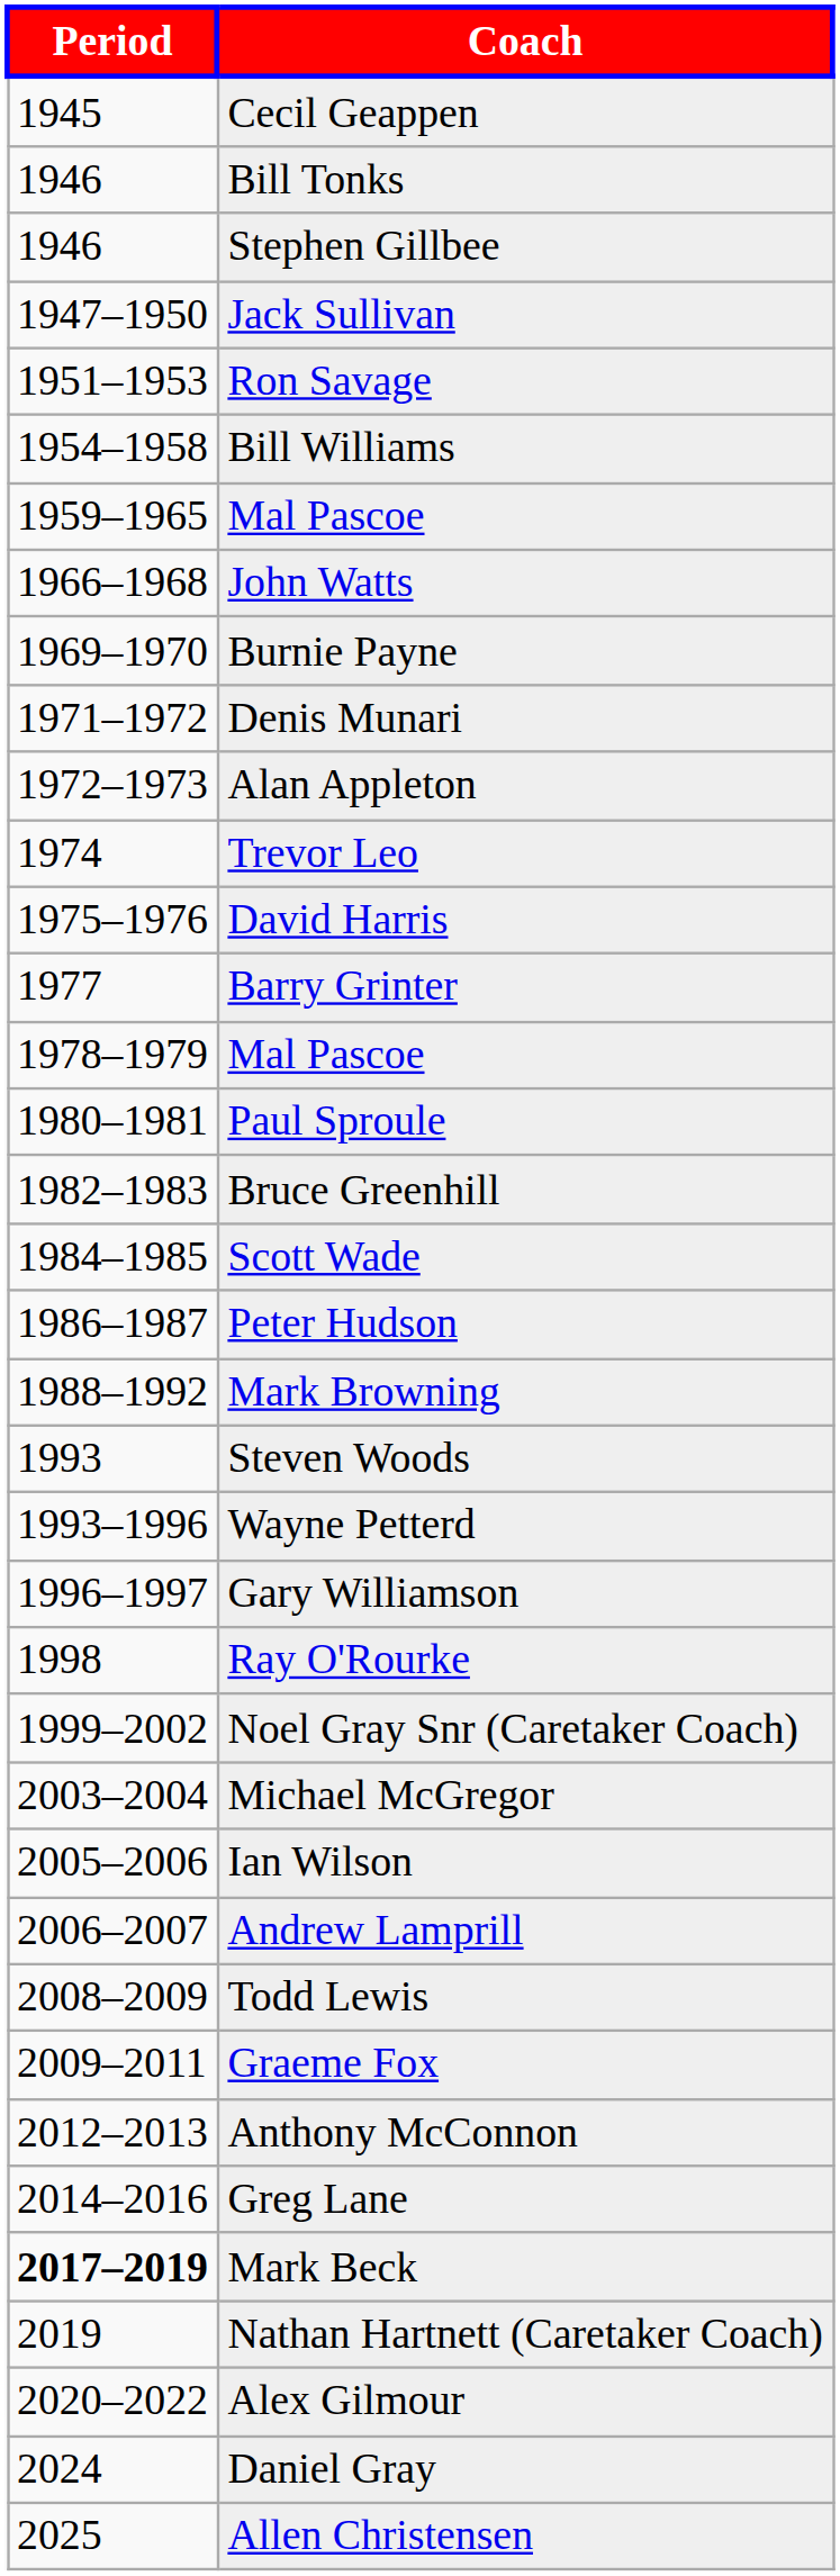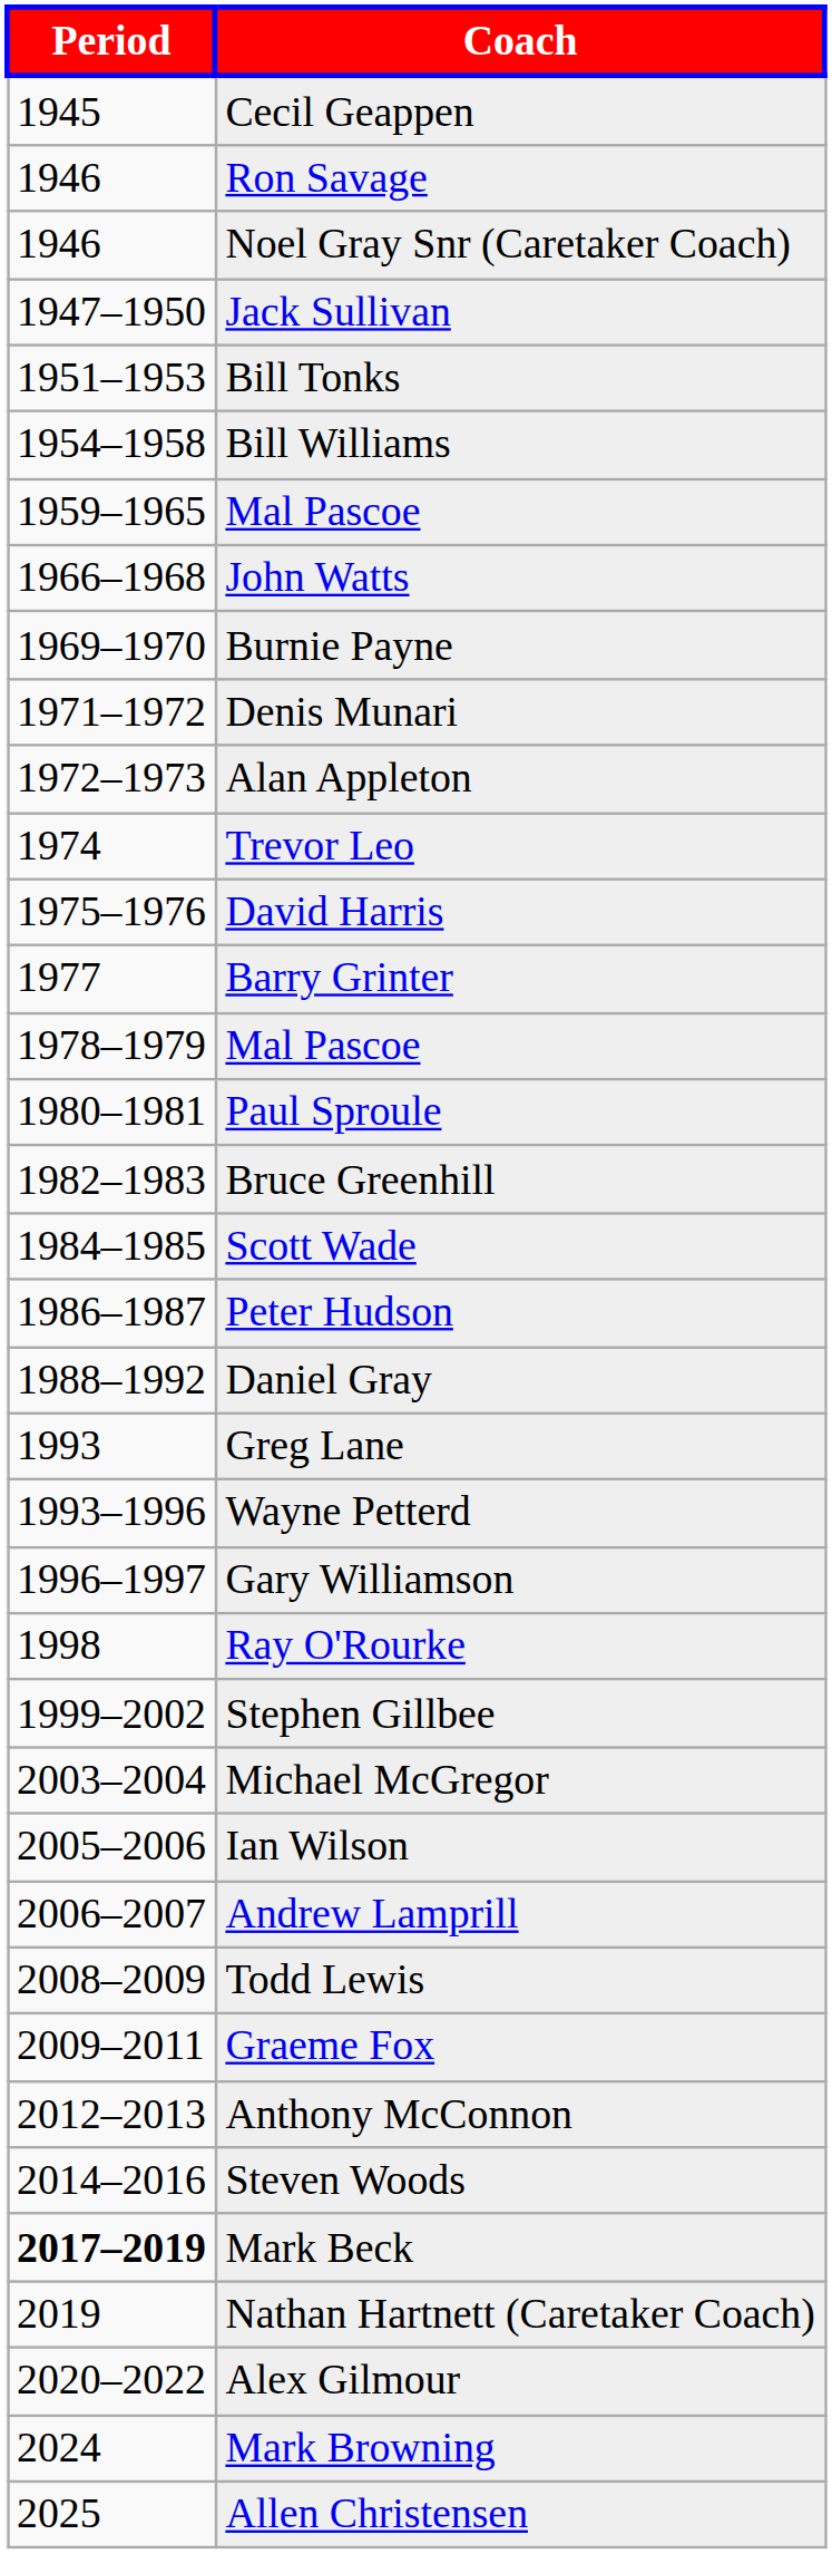 <table class="wikitable sortable">
 <tr>
 <th style="background:#FF0000; color:#FFFFFF; border:2px solid #0000FF;" scope="col">Period</th>
 <th style="background:#FF0000; color:#FFFFFF; border:2px solid #0000FF;" scope="col">Coach</th>
 </tr>
 <tr>
 <td>1945</td>
 <td style="background:#efefef;"> Cecil Geappen</td>
 </tr>
 <tr>
 <td>1946</td>
-<td style="background:#efefef;"> Bill Tonks</td>
+<td style="background:#efefef;"> <a href='#'>Ron Savage</a></td>
 </tr>
 <tr>
 <td>1946</td>
-<td style="background:#efefef;"> Stephen Gillbee</td>
+<td style="background:#efefef;"> Noel Gray Snr (Caretaker Coach)</td>
 </tr>
 <tr>
 <td>1947–1950</td>
 <td style="background:#efefef;"> <a href='#'>Jack Sullivan</a></td>
 </tr>
 <tr>
 <td>1951–1953</td>
-<td style="background:#efefef;"> <a href='#'>Ron Savage</a></td>
+<td style="background:#efefef;"> Bill Tonks</td>
 </tr>
 <tr>
 <td>1954–1958</td>
 <td style="background:#efefef;"> Bill Williams</td>
 </tr>
 <tr>
 <td>1959–1965</td>
 <td style="background:#efefef;"> <a href='#'>Mal Pascoe</a></td>
 </tr>
 <tr>
 <td>1966–1968</td>
 <td style="background:#efefef;"> <a href='#'>John Watts</a></td>
 </tr>
 <tr>
 <td>1969–1970</td>
 <td style="background:#efefef;"> Burnie Payne</td>
 </tr>
 <tr>
 <td>1971–1972</td>
 <td style="background:#efefef;"> Denis Munari</td>
 </tr>
 <tr>
 <td>1972–1973</td>
 <td style="background:#efefef;"> Alan Appleton</td>
 </tr>
 <tr>
 <td>1974</td>
 <td style="background:#efefef;"> <a href='#'>Trevor Leo</a></td>
 </tr>
 <tr>
 <td>1975–1976</td>
 <td style="background:#efefef;"> <a href='#'>David Harris</a></td>
 </tr>
 <tr>
 <td>1977</td>
 <td style="background:#efefef;"> <a href='#'>Barry Grinter</a></td>
 </tr>
 <tr>
 <td>1978–1979</td>
 <td style="background:#efefef;"> <a href='#'>Mal Pascoe</a></td>
 </tr>
 <tr>
 <td>1980–1981</td>
 <td style="background:#efefef;"> <a href='#'>Paul Sproule</a></td>
 </tr>
 <tr>
 <td>1982–1983</td>
 <td style="background:#efefef;"> Bruce Greenhill</td>
 </tr>
 <tr>
 <td>1984–1985</td>
 <td style="background:#efefef;"> <a href='#'>Scott Wade</a></td>
 </tr>
 <tr>
 <td>1986–1987</td>
 <td style="background:#efefef;"> <a href='#'>Peter Hudson</a></td>
 </tr>
 <tr>
 <td>1988–1992</td>
-<td style="background:#efefef;"> <a href='#'>Mark Browning</a></td>
+<td style="background:#efefef;"> Daniel Gray</td>
 </tr>
 <tr>
 <td>1993</td>
-<td style="background:#efefef;"> Steven Woods</td>
+<td style="background:#efefef;"> Greg Lane</td>
 </tr>
 <tr>
 <td>1993–1996</td>
 <td style="background:#efefef;"> Wayne Petterd</td>
 </tr>
 <tr>
 <td>1996–1997</td>
 <td style="background:#efefef;"> Gary Williamson</td>
 </tr>
 <tr>
 <td>1998</td>
 <td style="background:#efefef;"> <a href='#'>Ray O'Rourke</a></td>
 </tr>
 <tr>
 <td>1999–2002</td>
-<td style="background:#efefef;"> Noel Gray Snr (Caretaker Coach)</td>
+<td style="background:#efefef;"> Stephen Gillbee</td>
 </tr>
 <tr>
 <td>2003–2004</td>
 <td style="background:#efefef;"> Michael McGregor</td>
 </tr>
 <tr>
 <td>2005–2006</td>
 <td style="background:#efefef;"> Ian Wilson</td>
 </tr>
 <tr>
 <td>2006–2007</td>
 <td style="background:#efefef;"> <a href='#'>Andrew Lamprill</a></td>
 </tr>
 <tr>
 <td>2008–2009</td>
 <td style="background:#efefef;"> Todd Lewis</td>
 </tr>
 <tr>
 <td>2009–2011</td>
 <td style="background:#efefef;"> <a href='#'>Graeme Fox</a></td>
 </tr>
 <tr>
 <td>2012–2013</td>
 <td style="background:#efefef;"> Anthony McConnon</td>
 </tr>
 <tr>
 <td>2014–2016</td>
-<td style="background:#efefef;"> Greg Lane</td>
+<td style="background:#efefef;"> Steven Woods</td>
 </tr>
 <tr>
 <td><strong>2017–2019</strong></td>
 <td style="background:#efefef;"> Mark Beck</td>
 </tr>
 <tr>
 <td>2019</td>
 <td style="background:#efefef;"> Nathan Hartnett (Caretaker Coach)</td>
 </tr>
 <tr>
 <td>2020–2022</td>
 <td style="background:#efefef;"> Alex Gilmour</td>
 </tr>
 <tr>
 <td>2024</td>
-<td style="background:#efefef;"> Daniel Gray</td>
+<td style="background:#efefef;"> <a href='#'>Mark Browning</a></td>
 </tr>
 <tr>
 <td>2025</td>
 <td style="background:#efefef;"> <a href='#'>Allen Christensen</a></td>
 </tr>
 </table>
